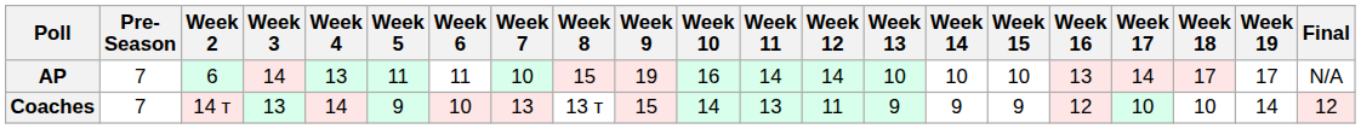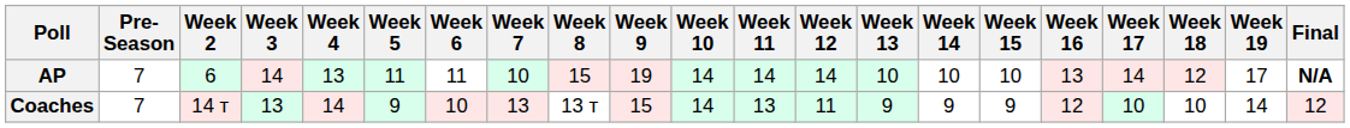 <table class="wikitable" style="white-space:nowrap;font-size:90%">
 <tr>
 <th>Poll</th>
 <th>Pre-<br>Season</th>
 <th>Week<br>2</th>
 <th>Week<br>3</th>
 <th>Week<br>4</th>
 <th>Week<br>5</th>
 <th>Week<br>6</th>
 <th>Week<br>7</th>
 <th>Week<br>8</th>
 <th>Week<br>9</th>
 <th>Week<br>10</th>
 <th>Week<br>11</th>
 <th>Week<br>12</th>
 <th>Week<br>13</th>
 <th>Week<br>14</th>
 <th>Week<br>15</th>
 <th>Week<br>16</th>
 <th>Week<br>17</th>
 <th>Week<br>18</th>
 <th>Week<br>19</th>
 <th>Final</th>
 </tr>
 <tr style="text-align:center;">
 <th>AP</th>
 <td style="background:#FFF;">7</td>
 <td style="background:#D8FFEB;">6</td>
 <td style="background:#FFE6E6;">14</td>
 <td style="background:#D8FFEB;">13</td>
 <td style="background:#D8FFEB;">11</td>
 <td style="background:#FFF;">11</td>
 <td style="background:#D8FFEB;">10</td>
 <td style="background:#FFE6E6;">15</td>
 <td style="background:#FFE6E6;">19</td>
-<td style="background:#D8FFEB;">16</td>
+<td style="background:#D8FFEB;">14</td>
 <td style="background:#D8FFEB;">14</td>
 <td style="background:#D8FFEB;">14</td>
 <td style="background:#D8FFEB;">10</td>
 <td style="background:#FFF;">10</td>
 <td style="background:#FFF;">10</td>
 <td style="background:#FFE6E6;">13</td>
 <td style="background:#FFE6E6;">14</td>
-<td style="background:#FFE6E6;">17</td>
+<td style="background:#FFE6E6;">12</td>
 <td style="background:#FFF;">17</td>
-<td style="background:#FFF;">N/A</td>
+<td style="background:#FFF;"><strong>N/A</strong></td>
 </tr>
 <tr style="text-align:center;">
 <th>Coaches</th>
 <td style="background:#FFF;">7</td>
 <td style="background:#FFE6E6;">14 т</td>
 <td style="background:#D8FFEB;">13</td>
 <td style="background:#FFE6E6;">14</td>
 <td style="background:#D8FFEB;">9</td>
 <td style="background:#FFE6E6;">10</td>
 <td style="background:#FFE6E6;">13</td>
 <td style="background:#FFF;">13 т</td>
 <td style="background:#FFE6E6;">15</td>
 <td style="background:#D8FFEB;">14</td>
 <td style="background:#D8FFEB;">13</td>
 <td style="background:#D8FFEB;">11</td>
 <td style="background:#D8FFEB;">9</td>
 <td style="background:#FFF;">9</td>
 <td style="background:#FFF;">9</td>
 <td style="background:#FFE6E6;">12</td>
 <td style="background:#D8FFEB;">10</td>
 <td style="background:#FFF;">10</td>
 <td style="background:#FFF;">14</td>
 <td style="background:#FFE6E6;">12</td>
 </tr>
 </table>
